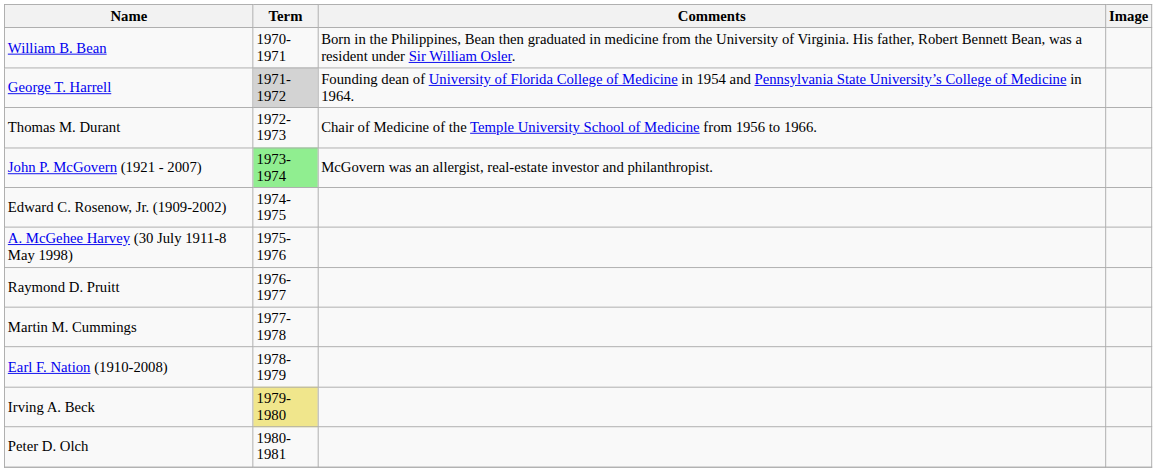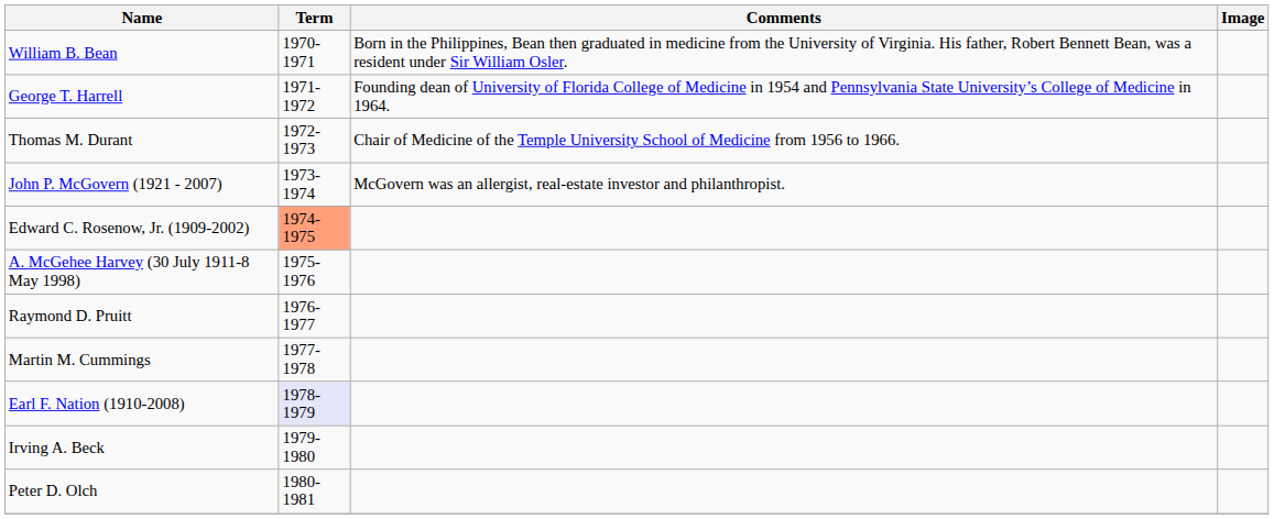 <table class="wikitable">
 <tr>
 <th>Name</th>
 <th>Term</th>
 <th>Comments</th>
 <th>Image</th>
 </tr>
 <tr>
 <td><a href='#'>William B. Bean</a></td>
 <td>1970-1971</td>
 <td>Born in the Philippines, Bean then graduated in medicine from the University of Virginia. His father, Robert Bennett Bean, was a resident under <a href='#'>Sir William Osler</a>.</td>
 <td></td>
 </tr>
 <tr>
 <td><a href='#'>George T. Harrell</a></td>
-<td style="background: lightgrey;">1971-1972</td>
+<td>1971-1972</td>
 <td>Founding dean of <a href='#'>University of Florida College of Medicine</a> in 1954 and <a href='#'>Pennsylvania State University’s College of Medicine</a> in 1964.</td>
 <td></td>
 </tr>
 <tr>
 <td>Thomas M. Durant</td>
 <td>1972-1973</td>
 <td>Chair of Medicine of the <a href='#'>Temple University School of Medicine</a> from 1956 to 1966.</td>
 <td></td>
 </tr>
 <tr>
 <td><a href='#'>John P. McGovern</a> (1921 - 2007)</td>
-<td style="background: lightgreen;">1973-1974</td>
+<td>1973-1974</td>
 <td>McGovern was an allergist, real-estate investor and philanthropist.</td>
 <td></td>
 </tr>
 <tr>
 <td>Edward C. Rosenow, Jr. (1909-2002)</td>
-<td>1974-1975</td>
+<td style="background: lightsalmon;">1974-1975</td>
 <td></td>
 <td></td>
 </tr>
 <tr>
 <td><a href='#'>A. McGehee Harvey</a> (30 July 1911-8 May 1998)</td>
 <td>1975-1976</td>
 <td></td>
 <td></td>
 </tr>
 <tr>
 <td>Raymond D. Pruitt</td>
 <td>1976-1977</td>
 <td></td>
 <td></td>
 </tr>
 <tr>
 <td>Martin M. Cummings</td>
 <td>1977-1978</td>
 <td></td>
 <td></td>
 </tr>
 <tr>
 <td><a href='#'>Earl F. Nation</a> (1910-2008)</td>
-<td>1978-1979</td>
+<td style="background: lavender;">1978-1979</td>
 <td></td>
 <td></td>
 </tr>
 <tr>
 <td>Irving A. Beck</td>
-<td style="background: khaki;">1979-1980</td>
+<td>1979-1980</td>
 <td></td>
 <td></td>
 </tr>
 <tr>
 <td>Peter D. Olch</td>
 <td>1980-1981</td>
 <td></td>
 <td></td>
 </tr>
 <tr>
 </tr>
 </table>
